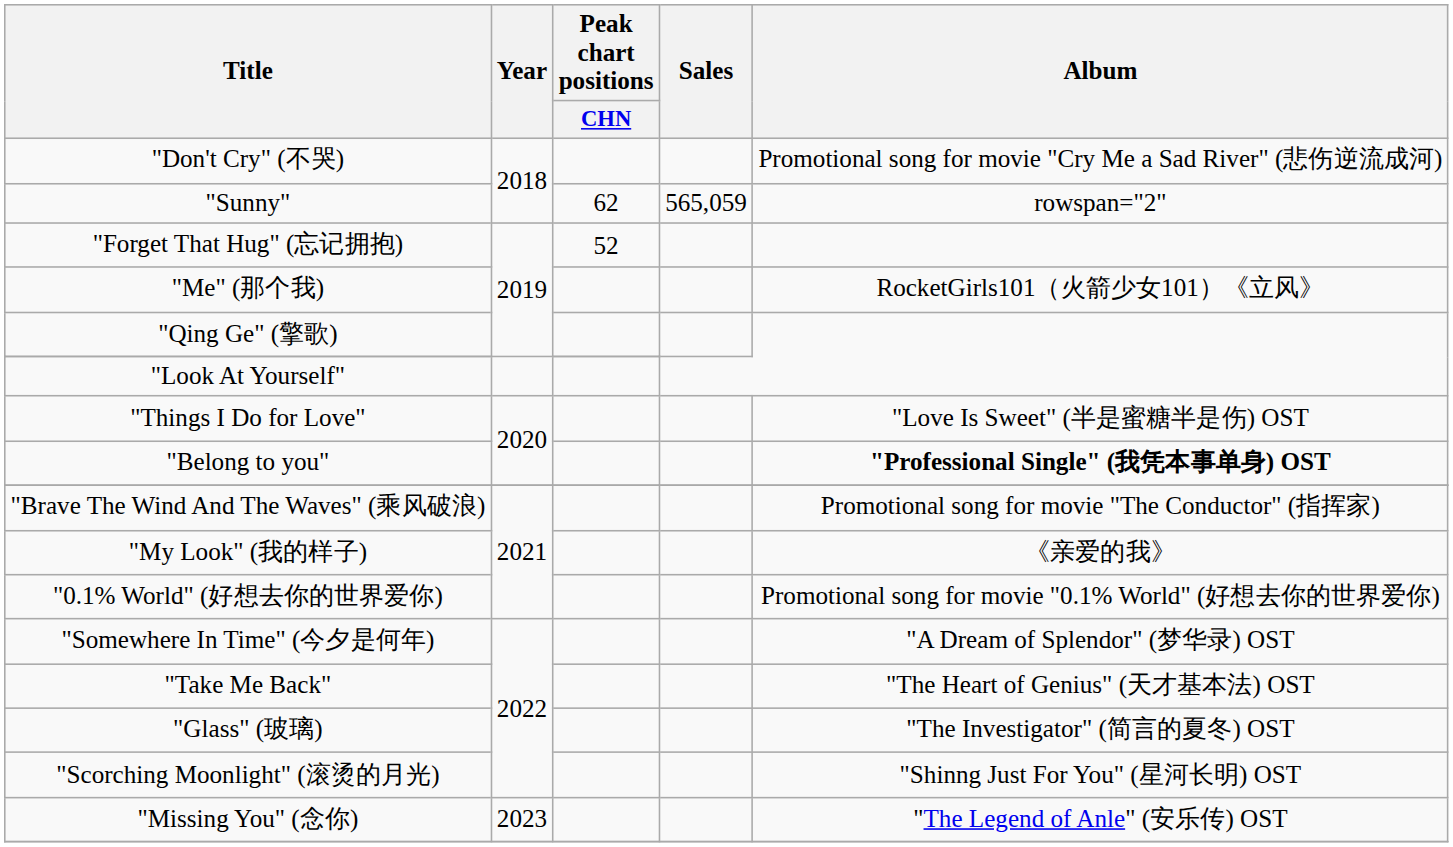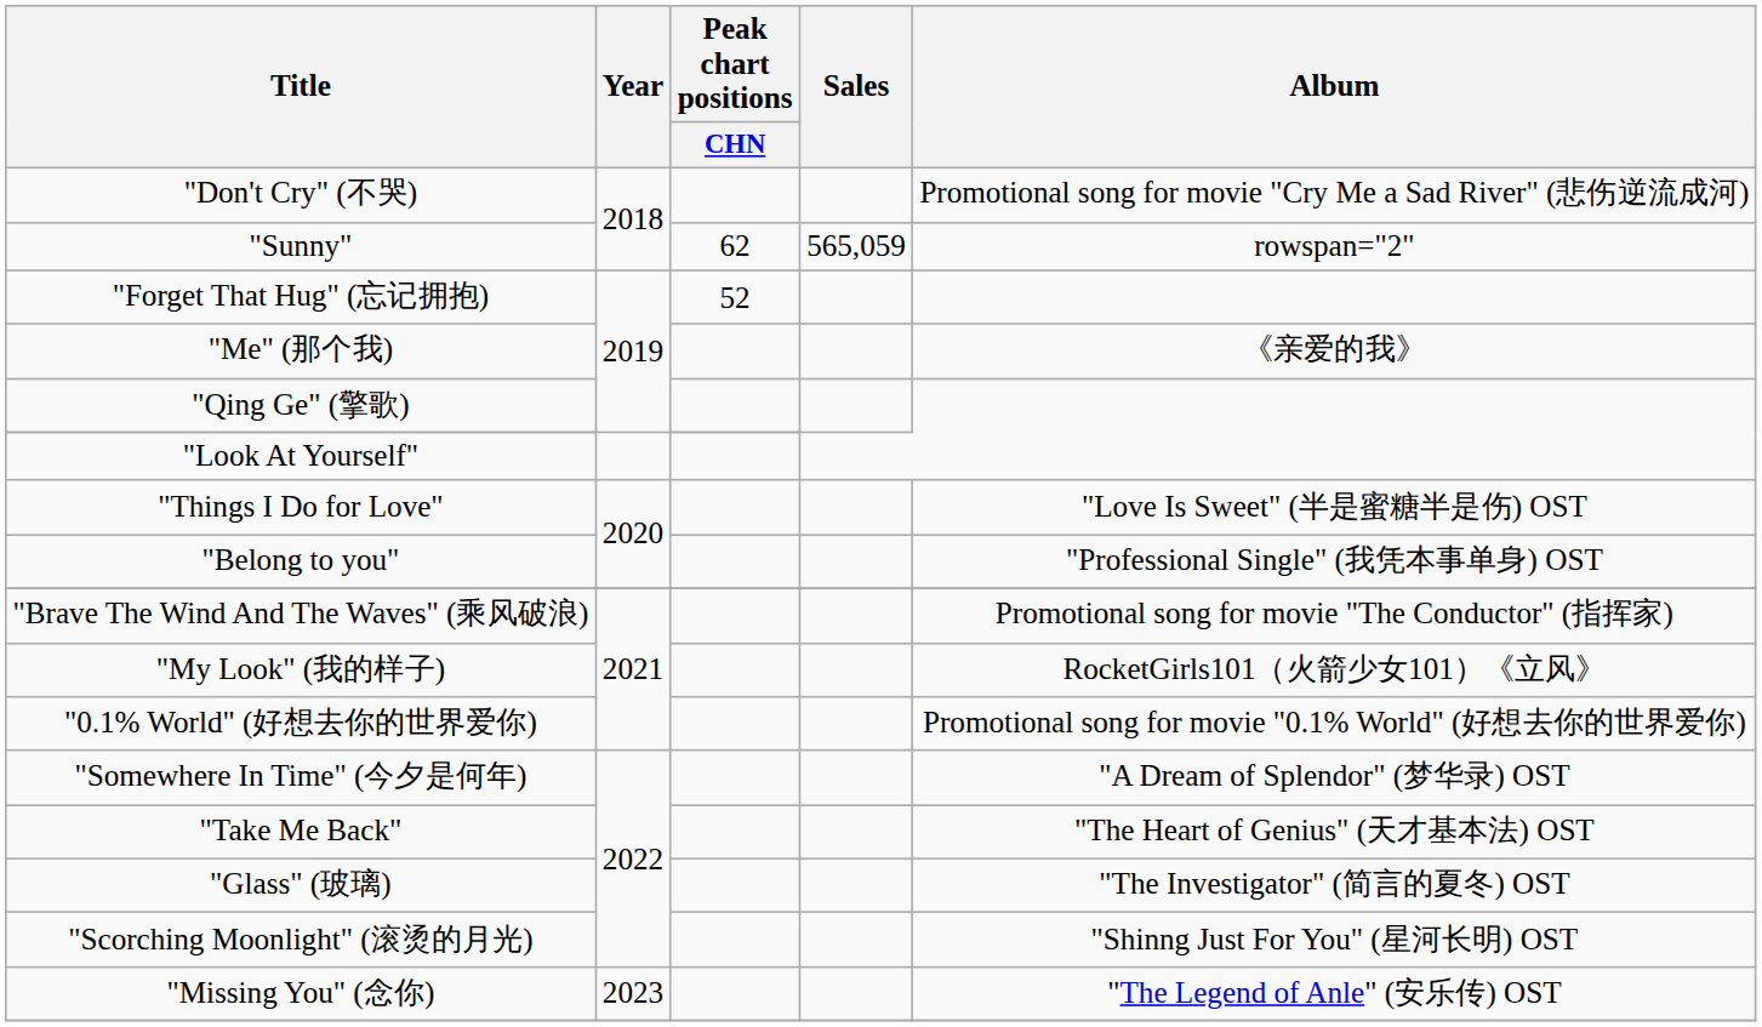 <table class="wikitable plainrowheaders" style="text-align:center;" border="1">
 <tr>
 <th scope="col" rowspan="2">Title</th>
 <th scope="col" rowspan="2">Year</th>
 <th scope="col" colspan="1">Peak chart <br> positions</th>
 <th scope="col" rowspan="2">Sales</th>
 <th scope="col" rowspan="2">Album</th>
 </tr>
 <tr>
 <th scope="col" style="width:3.5em;font-size:90%;"><a href='#'>CHN</a></th>
 </tr>
 <tr>
 <td>"Don't Cry" (不哭)</td>
 <td rowspan="2">2018</td>
 <td></td>
 <td></td>
 <td>Promotional song for movie "Cry Me a Sad River" (悲伤逆流成河)</td>
 </tr>
 <tr>
 <td scope="row">"Sunny"</td>
 <td>62</td>
 <td>565,059</td>
 <td>rowspan="2" </td>
 </tr>
 <tr>
 <td scope="row">"Forget That Hug" (忘记拥抱)</td>
 <td rowspan="4">2019</td>
 <td>52</td>
 <td></td>
 </tr>
 <tr>
 <td scope="row">"Me" (那个我)</td>
 <td></td>
 <td></td>
-<td>RocketGirls101（火箭少女101）《立风》</td>
+<td>《亲爱的我》</td>
 </tr>
 <tr>
 <td>"Qing Ge" (擎歌)</td>
 <td></td>
 <td></td>
 </tr>
 <tr>
 </tr>
 <tr>
 <td>"Look At Yourself"</td>
 <td></td>
 <td></td>
 </tr>
 <tr>
 <td>"Things I Do for Love"</td>
 <td rowspan="2">2020</td>
 <td></td>
 <td></td>
 <td>"Love Is Sweet" (半是蜜糖半是伤) OST</td>
 </tr>
 <tr>
 <td>"Belong to you"</td>
 <td></td>
 <td></td>
-<td><strong>"Professional Single" (我凭本事单身) OST</strong></td>
+<td>"Professional Single" (我凭本事单身) OST</td>
 </tr>
 <tr>
 </tr>
 <tr>
 <td>"Brave The Wind And The Waves" (乘风破浪)</td>
 <td rowspan="3">2021</td>
 <td></td>
 <td></td>
 <td>Promotional song for movie "The Conductor" (指挥家)</td>
 </tr>
 <tr>
 <td>"My Look" (我的样子)</td>
 <td></td>
 <td></td>
-<td>《亲爱的我》</td>
+<td>RocketGirls101（火箭少女101）《立风》</td>
 </tr>
 <tr>
 <td>"0.1% World" (好想去你的世界爱你)</td>
 <td></td>
 <td></td>
 <td>Promotional song for movie "0.1% World" (好想去你的世界爱你)</td>
 </tr>
 <tr>
 <td>"Somewhere In Time" (今夕是何年)</td>
 <td rowspan="4">2022</td>
 <td></td>
 <td></td>
 <td>"A Dream of Splendor" (梦华录) OST</td>
 </tr>
 <tr>
 <td>"Take Me Back"</td>
 <td></td>
 <td></td>
 <td>"The Heart of Genius" (天才基本法) OST</td>
 </tr>
 <tr>
 <td>"Glass" (玻璃)</td>
 <td></td>
 <td></td>
 <td>"The Investigator" (简言的夏冬) OST</td>
 </tr>
 <tr>
 <td>"Scorching Moonlight" (滚烫的月光)</td>
 <td></td>
 <td></td>
 <td>"Shinng Just For You" (星河长明) OST</td>
 </tr>
 <tr>
 <td>"Missing You" (念你)</td>
 <td>2023</td>
 <td></td>
 <td></td>
 <td>"<a href='#'>The Legend of Anle</a>" (安乐传) OST</td>
 </tr>
 <tr>
 </tr>
 </table>
